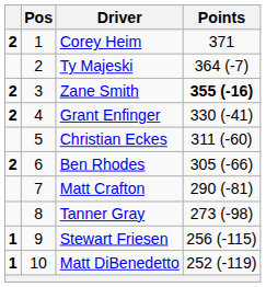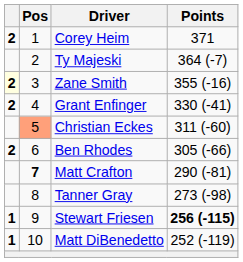 <table class="wikitable" style="font-size: 95%;">
 <tr>
 <th></th>
 <th>Pos</th>
 <th>Driver</th>
 <th>Points</th>
 </tr>
 <tr>
 <td align="left"> <strong>2</strong></td>
 <td style="text-align:center;">1</td>
 <td><a href='#'>Corey Heim</a></td>
 <td style="text-align:center;">371</td>
 </tr>
 <tr>
 <td align="left"></td>
 <td style="text-align:center;">2</td>
 <td><a href='#'>Ty Majeski</a></td>
 <td style="text-align:center;">364 (-7)</td>
 </tr>
 <tr>
-<td align="left"> <strong>2</strong></td>
+<td align="left" style="background: lightyellow;"> <strong>2</strong></td>
 <td style="text-align:center;">3</td>
 <td><a href='#'>Zane Smith</a></td>
-<td style="text-align:center;"><strong>355 (-16)</strong></td>
+<td style="text-align:center;">355 (-16)</td>
 </tr>
 <tr>
 <td align="left"> <strong>2</strong></td>
 <td style="text-align:center;">4</td>
 <td><a href='#'>Grant Enfinger</a></td>
 <td style="text-align:center;">330 (-41)</td>
 </tr>
 <tr>
 <td align="left"></td>
-<td style="text-align:center;">5</td>
+<td style="background: lightsalmon; text-align:center;">5</td>
 <td><a href='#'>Christian Eckes</a></td>
 <td style="text-align:center;">311 (-60)</td>
 </tr>
 <tr>
 <td align="left"> <strong>2</strong></td>
 <td style="text-align:center;">6</td>
 <td><a href='#'>Ben Rhodes</a></td>
 <td style="text-align:center;">305 (-66)</td>
 </tr>
 <tr>
 <td align="left"></td>
-<td style="text-align:center;">7</td>
+<td style="text-align:center;"><strong>7</strong></td>
 <td><a href='#'>Matt Crafton</a></td>
 <td style="text-align:center;">290 (-81)</td>
 </tr>
 <tr>
 <td align="left"></td>
 <td style="text-align:center;">8</td>
 <td><a href='#'>Tanner Gray</a></td>
 <td style="text-align:center;">273 (-98)</td>
 </tr>
 <tr>
 <td align="left"> <strong>1</strong></td>
 <td style="text-align:center;">9</td>
 <td><a href='#'>Stewart Friesen</a></td>
-<td style="text-align:center;">256 (-115)</td>
+<td style="text-align:center;"><strong>256 (-115)</strong></td>
 </tr>
 <tr>
 <td align="left"> <strong>1</strong></td>
 <td style="text-align:center;">10</td>
 <td><a href='#'>Matt DiBenedetto</a></td>
 <td style="text-align:center;">252 (-119)</td>
 </tr>
 <tr class="sortbottom">
 <th colspan="9"></th>
 </tr>
 </table>
